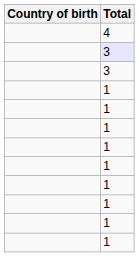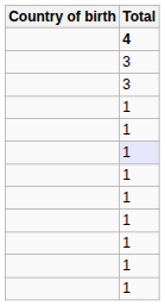 <table class="wikitable sortable">
 <tr>
 <th>Country of birth</th>
 <th>Total</th>
 </tr>
 <tr>
 <td></td>
-<td>4</td>
+<td><strong>4</strong></td>
 </tr>
 <tr>
 <td></td>
-<td style="background: lavender;">3</td>
+<td>3</td>
 </tr>
 <tr>
 <td></td>
 <td>3</td>
 </tr>
 <tr>
 <td></td>
 <td>1</td>
 </tr>
 <tr>
 <td></td>
 <td>1</td>
 </tr>
 <tr>
 <td></td>
-<td>1</td>
+<td style="background: lavender;">1</td>
 </tr>
 <tr>
 <td></td>
 <td>1</td>
 </tr>
 <tr>
 <td></td>
 <td>1</td>
 </tr>
 <tr>
 <td></td>
 <td>1</td>
 </tr>
 <tr>
 <td></td>
 <td>1</td>
 </tr>
 <tr>
 <td></td>
 <td>1</td>
 </tr>
 <tr>
 <td></td>
 <td>1</td>
 </tr>
 </table>
